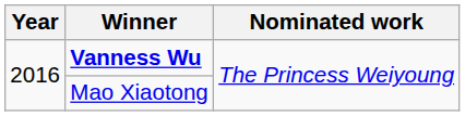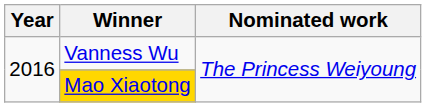 <table class="wikitable">
 <tr>
 <th>Year</th>
 <th>Winner</th>
 <th>Nominated work</th>
 </tr>
 <tr>
 <td rowspan=2>2016</td>
-<td><strong><a href='#'>Vanness Wu</a></strong></td>
+<td><a href='#'>Vanness Wu</a></td>
 <td rowspan=2><em><a href='#'>The Princess Weiyoung</a></em></td>
 </tr>
 <tr>
-<td><a href='#'>Mao Xiaotong</a></td>
+<td style="background: gold;"><a href='#'>Mao Xiaotong</a></td>
 </tr>
 </table>
